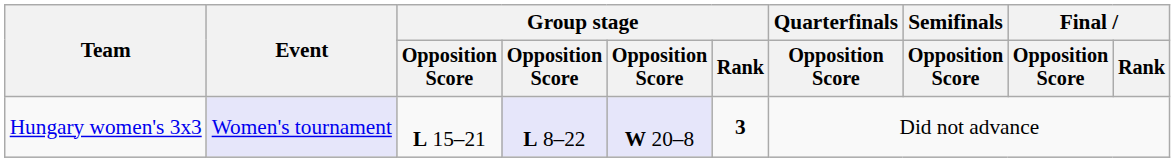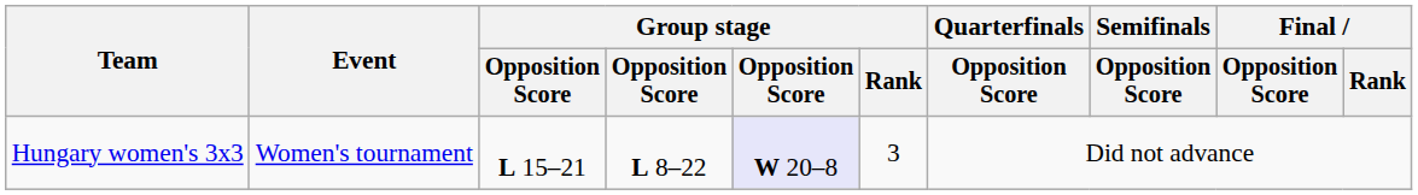 <table class="wikitable" style="text-align:center; font-size:90%">
 <tr>
 <th rowspan=2>Team</th>
 <th rowspan=2>Event</th>
 <th colspan=4>Group stage</th>
 <th>Quarterfinals</th>
 <th>Semifinals</th>
 <th colspan=2>Final / </th>
 </tr>
 <tr style="font-size:95%">
 <th>Opposition<br>Score</th>
 <th>Opposition<br>Score</th>
 <th>Opposition<br>Score</th>
 <th>Rank</th>
 <th>Opposition<br>Score</th>
 <th>Opposition<br>Score</th>
 <th>Opposition<br>Score</th>
 <th>Rank</th>
 </tr>
 <tr>
 <td align=left><a href='#'>Hungary women's 3x3</a></td>
-<td align=left style="background: lavender;"><a href='#'>Women's tournament</a></td>
+<td align=left><a href='#'>Women's tournament</a></td>
 <td><br><strong>L</strong> 15–21</td>
-<td style="background: lavender;"><br><strong>L</strong> 8–22</td>
+<td><br><strong>L</strong> 8–22</td>
 <td style="background: lavender;"><br><strong>W</strong> 20–8</td>
-<td><strong>3</strong></td>
+<td>3</td>
 <td colspan=4>Did not advance</td>
 </tr>
 </table>
